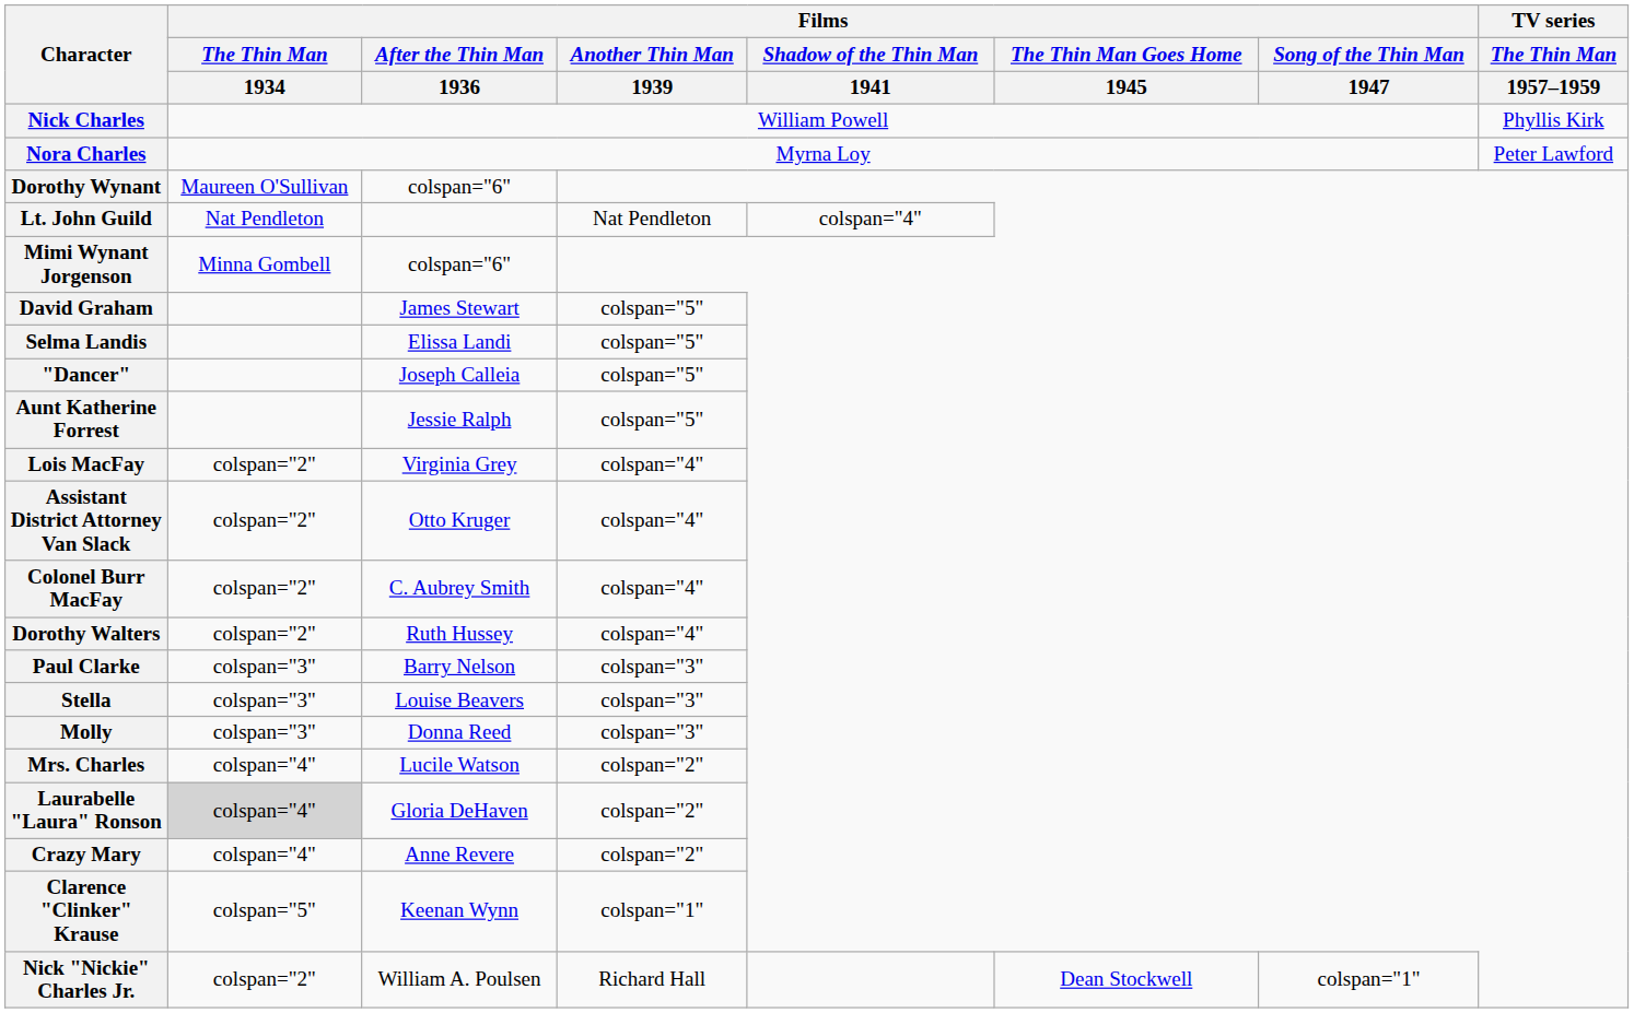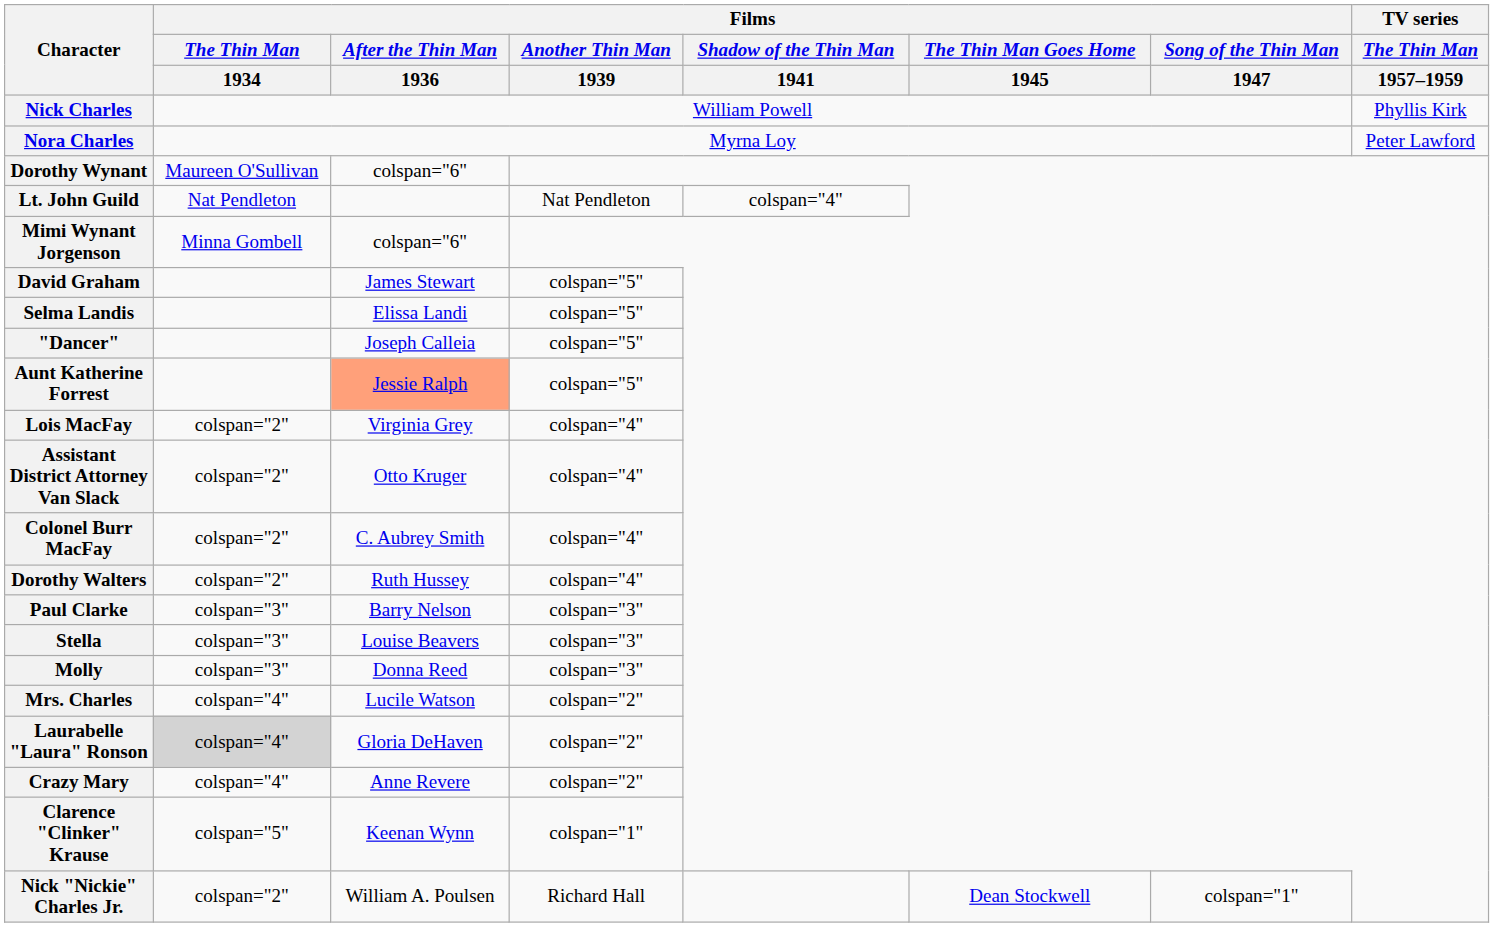 <table class="wikitable" style="text-align:center">
 <tr>
 <th rowspan="3" style="width:10%;">Character</th>
 <th colspan="6" style="text-align:center;">Films</th>
 <th colspan="1" style="text-align:center;">TV series</th>
 </tr>
 <tr>
 <th scope="col" align="center"><em><a href='#'>The Thin Man</a></em></th>
 <th scope="col" align="center"><em><a href='#'>After the Thin Man</a></em></th>
 <th scope="col" align="center"><em><a href='#'>Another Thin Man</a></em></th>
 <th scope="col" align="center"><em><a href='#'>Shadow of the Thin Man</a></em></th>
 <th scope="col" align="center"><em><a href='#'>The Thin Man Goes Home</a></em></th>
 <th scope="col" align="center"><em><a href='#'>Song of the Thin Man</a></em></th>
 <th scope="col" align="center"><em><a href='#'>The Thin Man</a></em></th>
 </tr>
 <tr>
 <th>1934</th>
 <th>1936</th>
 <th>1939</th>
 <th>1941</th>
 <th>1945</th>
 <th>1947</th>
 <th>1957–1959</th>
 </tr>
 <tr>
 <th scope="row"><a href='#'>Nick Charles</a></th>
 <td colspan="6"><a href='#'>William Powell</a></td>
 <td><a href='#'>Phyllis Kirk</a></td>
 </tr>
 <tr>
 <th scope="row"><a href='#'>Nora Charles</a></th>
 <td colspan="6"><a href='#'>Myrna Loy</a></td>
 <td><a href='#'>Peter Lawford</a></td>
 </tr>
 <tr>
 <th scope="row">Dorothy Wynant</th>
 <td><a href='#'>Maureen O'Sullivan</a></td>
 <td>colspan="6" </td>
 </tr>
 <tr>
 <th scope="row">Lt. John Guild</th>
 <td><a href='#'>Nat Pendleton</a></td>
 <td></td>
 <td>Nat Pendleton</td>
 <td>colspan="4" </td>
 </tr>
 <tr>
 <th scope="row">Mimi Wynant Jorgenson</th>
 <td><a href='#'>Minna Gombell</a></td>
 <td>colspan="6" </td>
 </tr>
 <tr>
 <th scope="row">David Graham</th>
 <td></td>
 <td><a href='#'>James Stewart</a></td>
 <td>colspan="5" </td>
 </tr>
 <tr>
 <th scope="row">Selma Landis</th>
 <td></td>
 <td><a href='#'>Elissa Landi</a></td>
 <td>colspan="5" </td>
 </tr>
 <tr>
 <th scope="row">"Dancer"</th>
 <td></td>
 <td><a href='#'>Joseph Calleia</a></td>
 <td>colspan="5" </td>
 </tr>
 <tr>
 <th scope="row">Aunt Katherine Forrest</th>
 <td></td>
-<td><a href='#'>Jessie Ralph</a></td>
+<td style="background: lightsalmon;"><a href='#'>Jessie Ralph</a></td>
 <td>colspan="5" </td>
 </tr>
 <tr>
 <th scope="row">Lois MacFay</th>
 <td>colspan="2" </td>
 <td><a href='#'>Virginia Grey</a></td>
 <td>colspan="4" </td>
 </tr>
 <tr>
 <th scope="row">Assistant District Attorney Van Slack</th>
 <td>colspan="2" </td>
 <td><a href='#'>Otto Kruger</a></td>
 <td>colspan="4" </td>
 </tr>
 <tr>
 <th scope="row">Colonel Burr MacFay</th>
 <td>colspan="2" </td>
 <td><a href='#'>C. Aubrey Smith</a></td>
 <td>colspan="4" </td>
 </tr>
 <tr>
 <th scope="row">Dorothy Walters</th>
 <td>colspan="2" </td>
 <td><a href='#'>Ruth Hussey</a></td>
 <td>colspan="4" </td>
 </tr>
 <tr>
 <th scope="row">Paul Clarke</th>
 <td>colspan="3" </td>
 <td><a href='#'>Barry Nelson</a></td>
 <td>colspan="3" </td>
 </tr>
 <tr>
 <th scope="row">Stella</th>
 <td>colspan="3" </td>
 <td><a href='#'>Louise Beavers</a></td>
 <td>colspan="3" </td>
 </tr>
 <tr>
 <th scope="row">Molly</th>
 <td>colspan="3" </td>
 <td><a href='#'>Donna Reed</a></td>
 <td>colspan="3" </td>
 </tr>
 <tr>
 <th scope="row">Mrs. Charles</th>
 <td>colspan="4" </td>
 <td><a href='#'>Lucile Watson</a></td>
 <td>colspan="2" </td>
 </tr>
 <tr>
 <th scope="row">Laurabelle "Laura" Ronson</th>
 <td style="background: lightgrey;">colspan="4" </td>
 <td><a href='#'>Gloria DeHaven</a></td>
 <td>colspan="2" </td>
 </tr>
 <tr>
 <th scope="row">Crazy Mary</th>
 <td>colspan="4" </td>
 <td><a href='#'>Anne Revere</a></td>
 <td>colspan="2" </td>
 </tr>
 <tr>
 <th scope="row">Clarence "Clinker" Krause</th>
 <td>colspan="5" </td>
 <td><a href='#'>Keenan Wynn</a></td>
 <td>colspan="1" </td>
 </tr>
 <tr>
 <th scope="row">Nick "Nickie" Charles Jr.</th>
 <td>colspan="2" </td>
 <td>William A. Poulsen</td>
 <td>Richard Hall</td>
 <td></td>
 <td><a href='#'>Dean Stockwell</a></td>
 <td>colspan="1" </td>
 </tr>
 </table>
